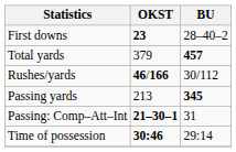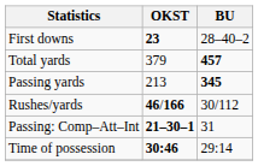 <table class="wikitable" style="float: left;">
 <tr>
 <th>Statistics</th>
 <th>OKST</th>
 <th>BU</th>
 </tr>
 <tr>
 <td>First downs</td>
 <td><strong>23</strong></td>
 <td>28–40–2</td>
 </tr>
 <tr>
 <td>Total yards</td>
 <td>379</td>
 <td><strong>457</strong></td>
 </tr>
 <tr>
+<td>Passing yards</td>
+<td>213</td>
+<td><strong>345</strong></td>
+</tr>
+<tr>
 <td>Rushes/yards</td>
 <td><strong>46</strong>/<strong>166</strong></td>
 <td>30/112</td>
-</tr>
-<tr>
-<td>Passing yards</td>
-<td>213</td>
-<td><strong>345</strong></td>
 </tr>
 <tr>
 <td>Passing: Comp–Att–Int</td>
 <td><strong>21–30–1</strong></td>
 <td>31</td>
 </tr>
 <tr>
 <td>Time of possession</td>
 <td><strong>30:46</strong></td>
 <td>29:14</td>
 </tr>
 <tr>
 </tr>
 </table>
